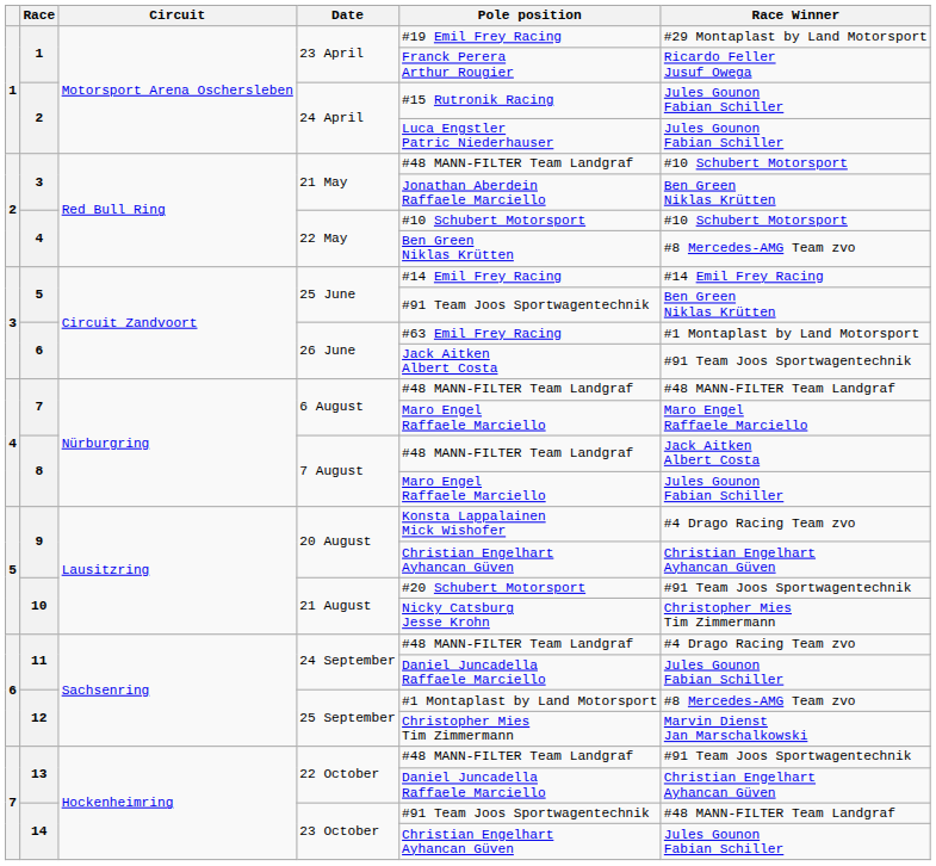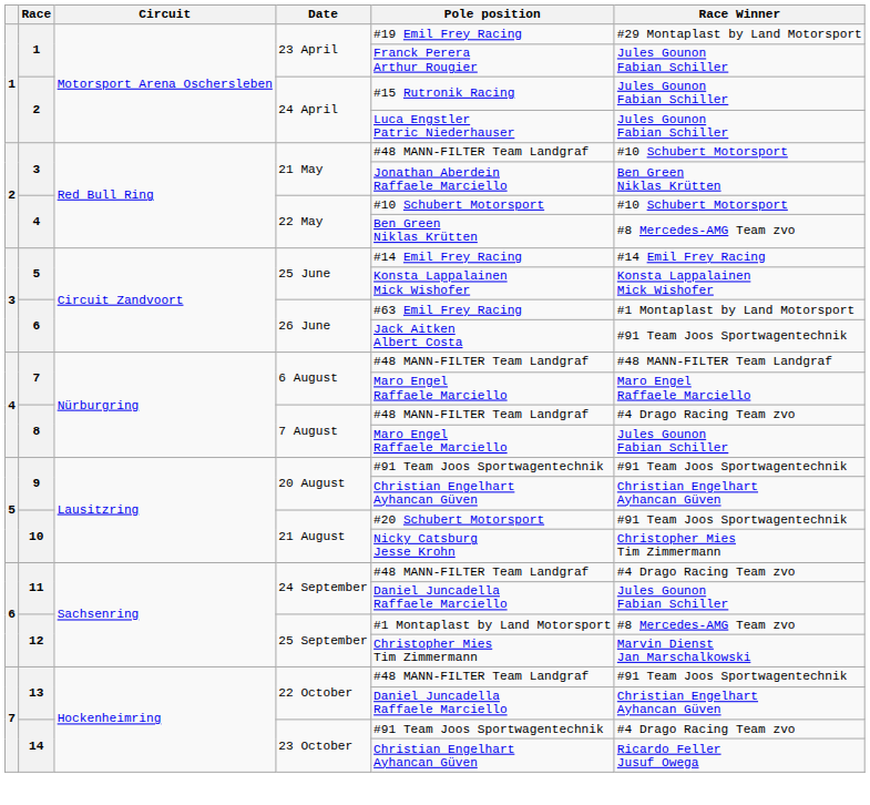 <table class="wikitable" style="font-size: 85%;">
 <tr>
 <th></th>
 <th>Race</th>
 <th>Circuit</th>
 <th>Date</th>
 <th>Pole position</th>
 <th>Race Winner</th>
 </tr>
 <tr>
 <th rowspan="4">1</th>
 <th rowspan="2">1</th>
 <td rowspan="4"> <a href='#'>Motorsport Arena Oschersleben</a></td>
 <td rowspan="2">23 April</td>
 <td> #19 <a href='#'>Emil Frey Racing</a></td>
 <td> #29 Montaplast by Land Motorsport</td>
 </tr>
 <tr>
 <td> <a href='#'>Franck Perera</a><br> <a href='#'>Arthur Rougier</a></td>
-<td> <a href='#'>Ricardo Feller</a><br> <a href='#'>Jusuf Owega</a></td>
+<td> <a href='#'>Jules Gounon</a><br> <a href='#'>Fabian Schiller</a></td>
 </tr>
 <tr>
 <th rowspan="2">2</th>
 <td rowspan="2">24 April</td>
 <td> #15 <a href='#'>Rutronik Racing</a></td>
 <td> <a href='#'>Jules Gounon</a><br> <a href='#'>Fabian Schiller</a></td>
 </tr>
 <tr>
 <td> <a href='#'>Luca Engstler</a><br> <a href='#'>Patric Niederhauser</a></td>
 <td> <a href='#'>Jules Gounon</a><br> <a href='#'>Fabian Schiller</a></td>
 </tr>
 <tr>
 <th rowspan="4">2</th>
 <th rowspan="2">3</th>
 <td rowspan="4"> <a href='#'>Red Bull Ring</a></td>
 <td rowspan="2">21 May</td>
 <td> #48 MANN-FILTER Team Landgraf</td>
 <td> #10 <a href='#'>Schubert Motorsport</a></td>
 </tr>
 <tr>
 <td> <a href='#'>Jonathan Aberdein</a><br> <a href='#'>Raffaele Marciello</a></td>
 <td> <a href='#'>Ben Green</a><br> <a href='#'>Niklas Krütten</a></td>
 </tr>
 <tr>
 <th rowspan="2">4</th>
 <td rowspan="2">22 May</td>
 <td> #10 <a href='#'>Schubert Motorsport</a></td>
 <td> #10 <a href='#'>Schubert Motorsport</a></td>
 </tr>
 <tr>
 <td> <a href='#'>Ben Green</a><br> <a href='#'>Niklas Krütten</a></td>
 <td> #8 <a href='#'>Mercedes-AMG</a> Team zvo</td>
 </tr>
 <tr>
 <th rowspan="4">3</th>
 <th rowspan="2">5</th>
 <td rowspan="4"> <a href='#'>Circuit Zandvoort</a></td>
 <td rowspan="2">25 June</td>
 <td> #14 <a href='#'>Emil Frey Racing</a></td>
 <td> #14 <a href='#'>Emil Frey Racing</a></td>
 </tr>
 <tr>
-<td> #91 Team Joos Sportwagentechnik</td>
-<td> <a href='#'>Ben Green</a><br> <a href='#'>Niklas Krütten</a></td>
+<td> <a href='#'>Konsta Lappalainen</a><br> <a href='#'>Mick Wishofer</a></td>
+<td> <a href='#'>Konsta Lappalainen</a><br> <a href='#'>Mick Wishofer</a></td>
 </tr>
 <tr>
 <th rowspan="2">6</th>
 <td rowspan="2">26 June</td>
 <td> #63 <a href='#'>Emil Frey Racing</a></td>
 <td> #1 Montaplast by Land Motorsport</td>
 </tr>
 <tr>
 <td> <a href='#'>Jack Aitken</a><br> <a href='#'>Albert Costa</a></td>
 <td> #91 Team Joos Sportwagentechnik</td>
 </tr>
 <tr>
 <th rowspan="4">4</th>
 <th rowspan="2">7</th>
 <td rowspan="4"> <a href='#'>Nürburgring</a></td>
 <td rowspan="2">6 August</td>
 <td> #48 MANN-FILTER Team Landgraf</td>
 <td> #48 MANN-FILTER Team Landgraf</td>
 </tr>
 <tr>
 <td> <a href='#'>Maro Engel</a><br> <a href='#'>Raffaele Marciello</a></td>
 <td> <a href='#'>Maro Engel</a><br> <a href='#'>Raffaele Marciello</a></td>
 </tr>
 <tr>
 <th rowspan="2">8</th>
 <td rowspan="2">7 August</td>
 <td> #48 MANN-FILTER Team Landgraf</td>
-<td> <a href='#'>Jack Aitken</a><br> <a href='#'>Albert Costa</a></td>
+<td> #4 Drago Racing Team zvo</td>
 </tr>
 <tr>
 <td> <a href='#'>Maro Engel</a><br> <a href='#'>Raffaele Marciello</a></td>
 <td> <a href='#'>Jules Gounon</a><br> <a href='#'>Fabian Schiller</a></td>
 </tr>
 <tr>
 <th rowspan="4">5</th>
 <th rowspan="2">9</th>
 <td rowspan="4"> <a href='#'>Lausitzring</a></td>
 <td rowspan="2">20 August</td>
-<td> <a href='#'>Konsta Lappalainen</a><br> <a href='#'>Mick Wishofer</a></td>
-<td> #4 Drago Racing Team zvo</td>
+<td> #91 Team Joos Sportwagentechnik</td>
+<td> #91 Team Joos Sportwagentechnik</td>
 </tr>
 <tr>
 <td> <a href='#'>Christian Engelhart</a><br> <a href='#'>Ayhancan Güven</a></td>
 <td> <a href='#'>Christian Engelhart</a><br> <a href='#'>Ayhancan Güven</a></td>
 </tr>
 <tr>
 <th rowspan="2">10</th>
 <td rowspan="2">21 August</td>
 <td> #20 <a href='#'>Schubert Motorsport</a></td>
 <td> #91 Team Joos Sportwagentechnik</td>
 </tr>
 <tr>
 <td> <a href='#'>Nicky Catsburg</a><br> <a href='#'>Jesse Krohn</a></td>
 <td> <a href='#'>Christopher Mies</a><br> Tim Zimmermann</td>
 </tr>
 <tr>
 <th rowspan="4">6</th>
 <th rowspan="2">11</th>
 <td rowspan="4"> <a href='#'>Sachsenring</a></td>
 <td rowspan="2">24 September</td>
 <td> #48 MANN-FILTER Team Landgraf</td>
 <td> #4 Drago Racing Team zvo</td>
 </tr>
 <tr>
 <td> <a href='#'>Daniel Juncadella</a><br> <a href='#'>Raffaele Marciello</a></td>
 <td> <a href='#'>Jules Gounon</a><br> <a href='#'>Fabian Schiller</a></td>
 </tr>
 <tr>
 <th rowspan=2>12</th>
 <td rowspan=2>25 September</td>
 <td> #1 Montaplast by Land Motorsport</td>
 <td> #8 <a href='#'>Mercedes-AMG</a> Team zvo</td>
 </tr>
 <tr>
 <td> <a href='#'>Christopher Mies</a><br> Tim Zimmermann</td>
 <td> <a href='#'>Marvin Dienst</a><br> <a href='#'>Jan Marschalkowski</a></td>
 </tr>
 <tr>
 <th rowspan="4">7</th>
 <th rowspan="2">13</th>
 <td rowspan="4"> <a href='#'>Hockenheimring</a></td>
 <td rowspan="2">22 October</td>
 <td> #48 MANN-FILTER Team Landgraf</td>
 <td> #91 Team Joos Sportwagentechnik</td>
 </tr>
 <tr>
 <td> <a href='#'>Daniel Juncadella</a><br> <a href='#'>Raffaele Marciello</a></td>
 <td> <a href='#'>Christian Engelhart</a><br> <a href='#'>Ayhancan Güven</a></td>
 </tr>
 <tr>
 <th rowspan="2">14</th>
 <td rowspan="2">23 October</td>
 <td> #91 Team Joos Sportwagentechnik</td>
-<td> #48 MANN-FILTER Team Landgraf</td>
+<td> #4 Drago Racing Team zvo</td>
 </tr>
 <tr>
 <td> <a href='#'>Christian Engelhart</a><br> <a href='#'>Ayhancan Güven</a></td>
-<td> <a href='#'>Jules Gounon</a><br> <a href='#'>Fabian Schiller</a></td>
+<td> <a href='#'>Ricardo Feller</a><br> <a href='#'>Jusuf Owega</a></td>
 </tr>
 </table>
